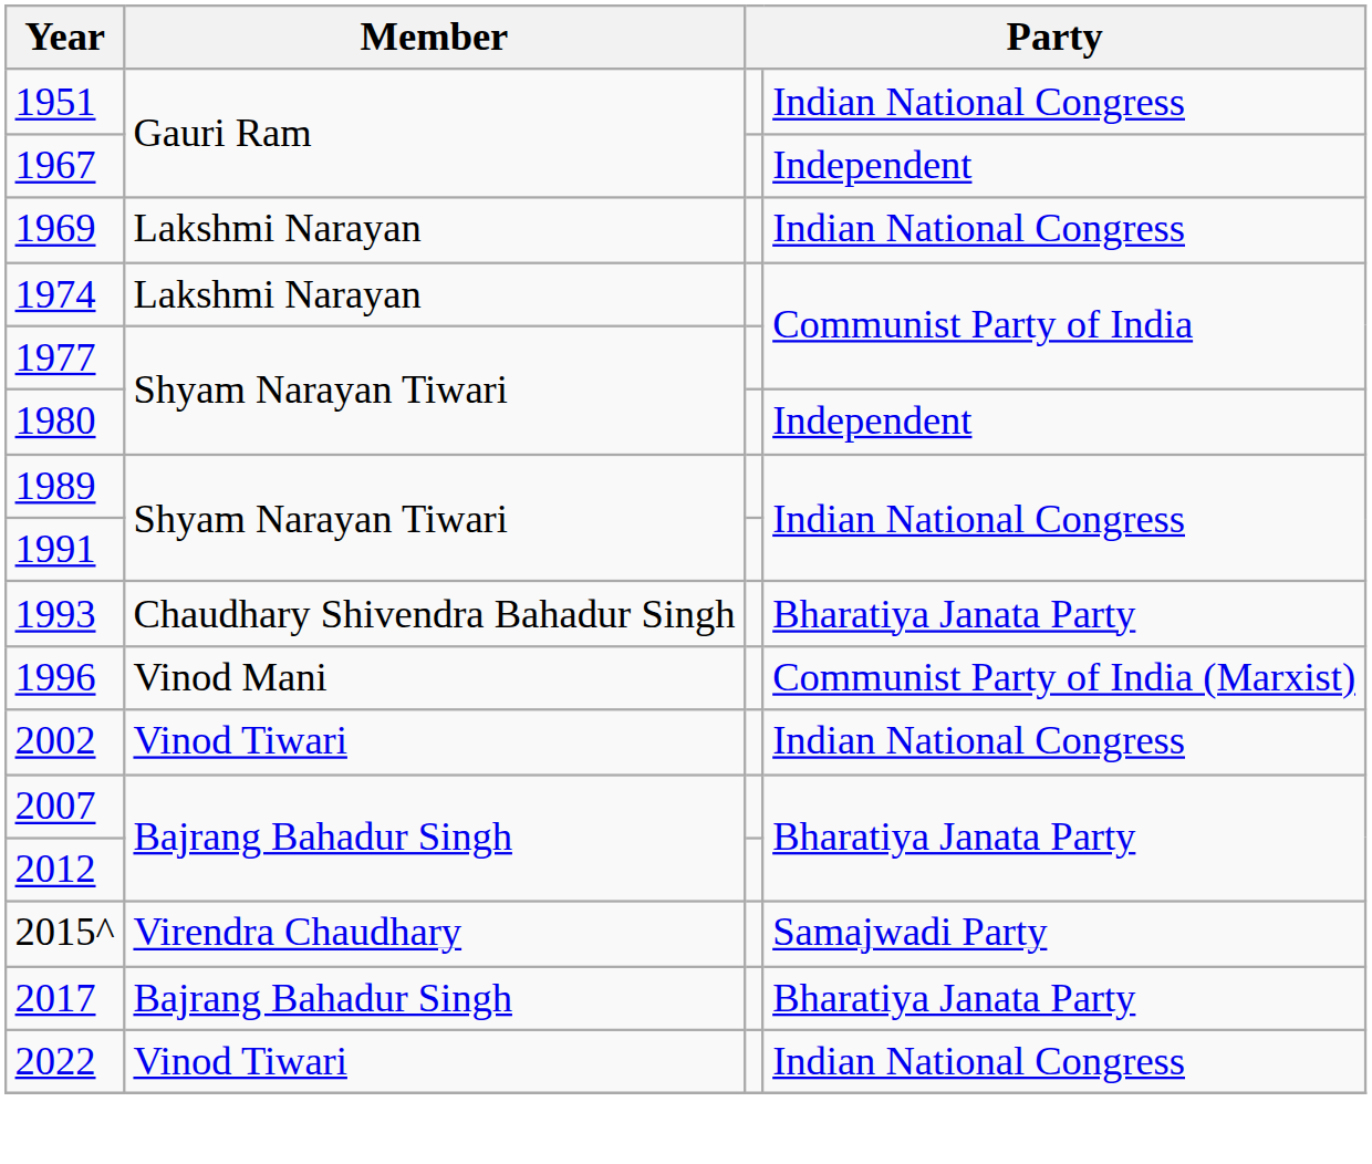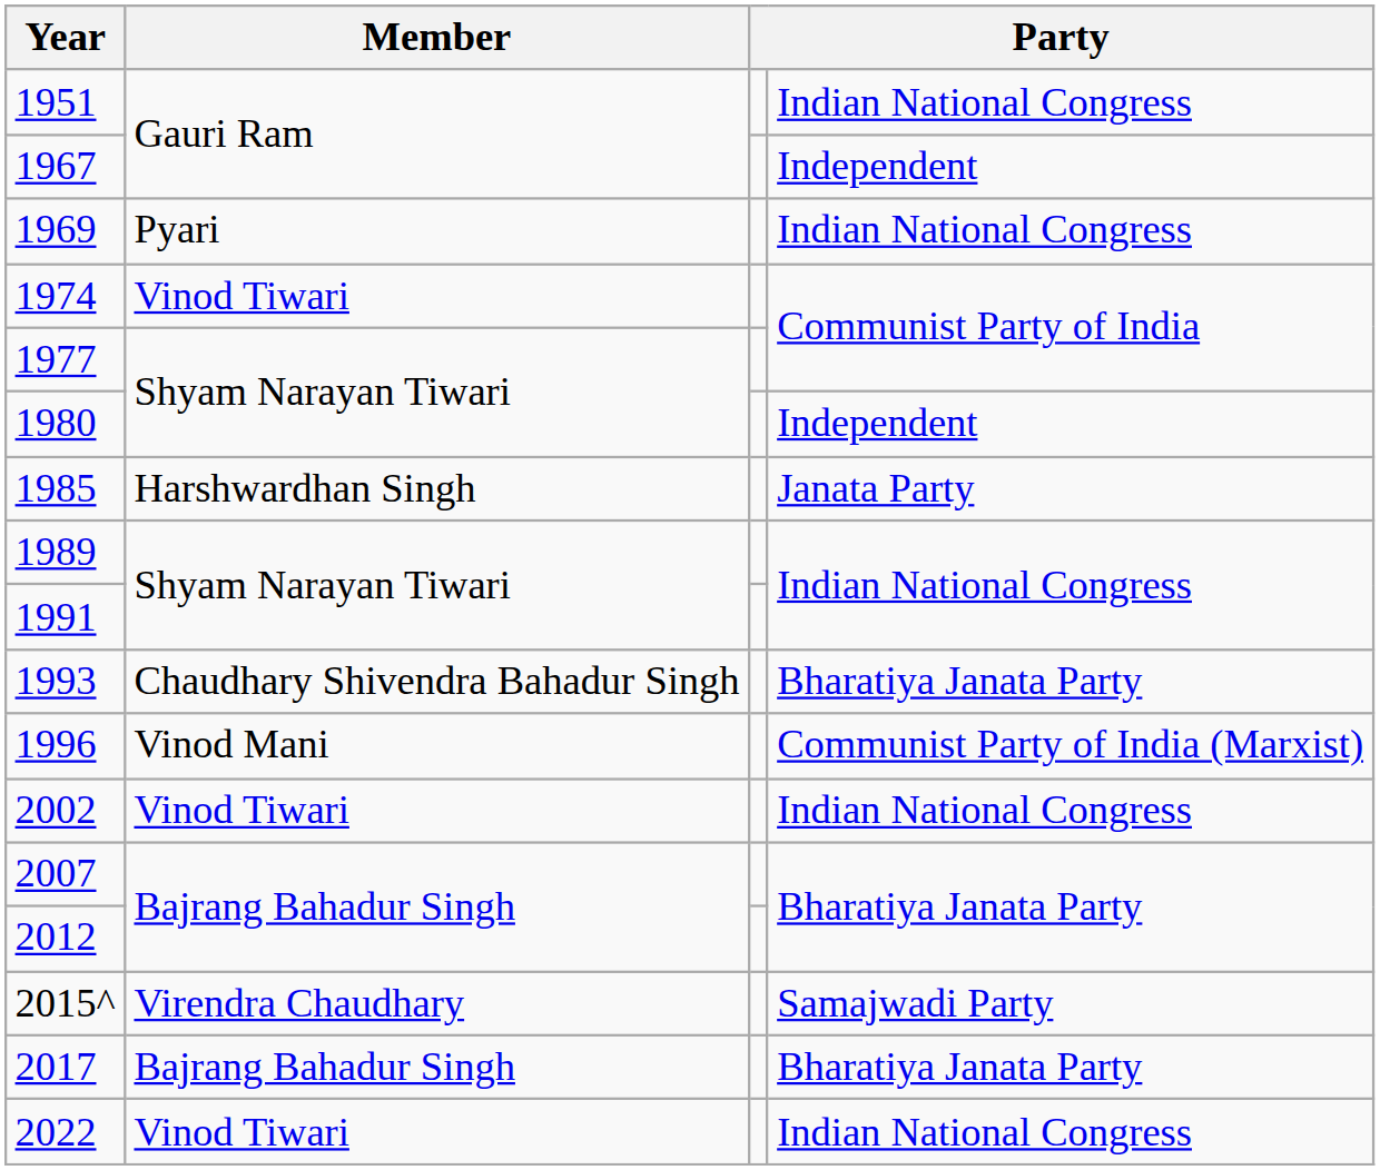 <table class="wikitable">
 <tr>
 <th>Year</th>
 <th>Member</th>
 <th colspan="2">Party</th>
 </tr>
 <tr>
 <td><a href='#'>1951</a></td>
 <td rowspan="2">Gauri Ram</td>
 <td style="background-color: "></td>
 <td><a href='#'>Indian National Congress</a></td>
 </tr>
 <tr>
 <td><a href='#'>1967</a></td>
 <td style="background-color: "></td>
 <td><a href='#'>Independent</a></td>
 </tr>
 <tr>
 <td><a href='#'>1969</a></td>
-<td>Lakshmi Narayan</td>
+<td>Pyari</td>
 <td style="background-color: "></td>
 <td><a href='#'>Indian National Congress</a></td>
 </tr>
 <tr>
 <td><a href='#'>1974</a></td>
-<td>Lakshmi Narayan</td>
+<td><a href='#'>Vinod Tiwari</a></td>
 <td style="background-color: "></td>
 <td rowspan="2"><a href='#'>Communist Party of India</a></td>
 </tr>
 <tr>
 <td><a href='#'>1977</a></td>
 <td rowspan="2">Shyam Narayan Tiwari</td>
 </tr>
 <tr>
 <td><a href='#'>1980</a></td>
 <td style="background-color: "></td>
 <td><a href='#'>Independent</a></td>
+</tr>
+<tr>
+<td><a href='#'>1985</a></td>
+<td>Harshwardhan Singh</td>
+<td style="background-color: "></td>
+<td><a href='#'>Janata Party</a></td>
 </tr>
 <tr>
 <td><a href='#'>1989</a></td>
 <td rowspan="2">Shyam Narayan Tiwari</td>
 <td style="background-color: "></td>
 <td rowspan="2"><a href='#'>Indian National Congress</a></td>
 </tr>
 <tr>
 <td><a href='#'>1991</a></td>
 </tr>
 <tr>
 <td><a href='#'>1993</a></td>
 <td>Chaudhary Shivendra Bahadur Singh</td>
 <td style="background-color: "></td>
 <td><a href='#'>Bharatiya Janata Party</a></td>
 </tr>
 <tr>
 <td><a href='#'>1996</a></td>
 <td>Vinod Mani</td>
 <td style="background-color: "></td>
 <td><a href='#'>Communist Party of India (Marxist)</a></td>
 </tr>
 <tr>
 <td><a href='#'>2002</a></td>
 <td><a href='#'>Vinod Tiwari</a></td>
 <td style="background-color: "></td>
 <td><a href='#'>Indian National Congress</a></td>
 </tr>
 <tr>
 <td><a href='#'>2007</a></td>
 <td rowspan="2"><a href='#'>Bajrang Bahadur Singh</a></td>
 <td style="background-color: "></td>
 <td rowspan="2"><a href='#'>Bharatiya Janata Party</a></td>
 </tr>
 <tr>
 <td><a href='#'>2012</a></td>
 </tr>
 <tr>
 <td>2015^</td>
 <td><a href='#'>Virendra Chaudhary</a></td>
 <td style="background-color: "></td>
 <td><a href='#'>Samajwadi Party</a></td>
 </tr>
 <tr>
 <td><a href='#'>2017</a></td>
 <td><a href='#'>Bajrang Bahadur Singh</a></td>
 <td style="background-color: "></td>
 <td><a href='#'>Bharatiya Janata Party</a></td>
 </tr>
 <tr>
 <td><a href='#'>2022</a></td>
 <td><a href='#'>Vinod Tiwari</a></td>
 <td style="background-color: "></td>
 <td><a href='#'>Indian National Congress</a></td>
 </tr>
 <tr>
 </tr>
 </table>
